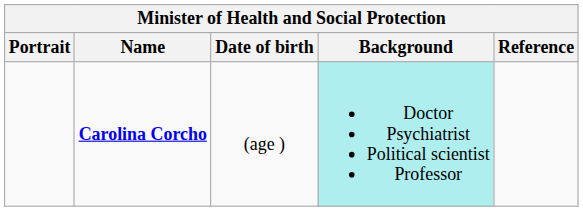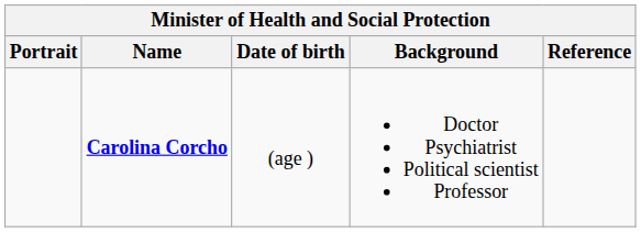 <table class="wikitable collapsible" style="text-align:center;">
 <tr>
 <th colspan="5">Minister of Health and Social Protection</th>
 </tr>
 <tr>
 <th>Portrait</th>
 <th>Name</th>
 <th>Date of birth</th>
 <th>Background</th>
 <th>Reference</th>
 </tr>
 <tr>
 <td></td>
 <td><strong><a href='#'>Carolina Corcho</a></strong></td>
 <td><br>(age )</td>
-<td style="background: paleturquoise;"><br><ul><li>Doctor</li><li>Psychiatrist</li><li>Political scientist</li><li>Professor</li></ul></td>
+<td><br><ul><li>Doctor</li><li>Psychiatrist</li><li>Political scientist</li><li>Professor</li></ul></td>
 <td></td>
 </tr>
 </table>
